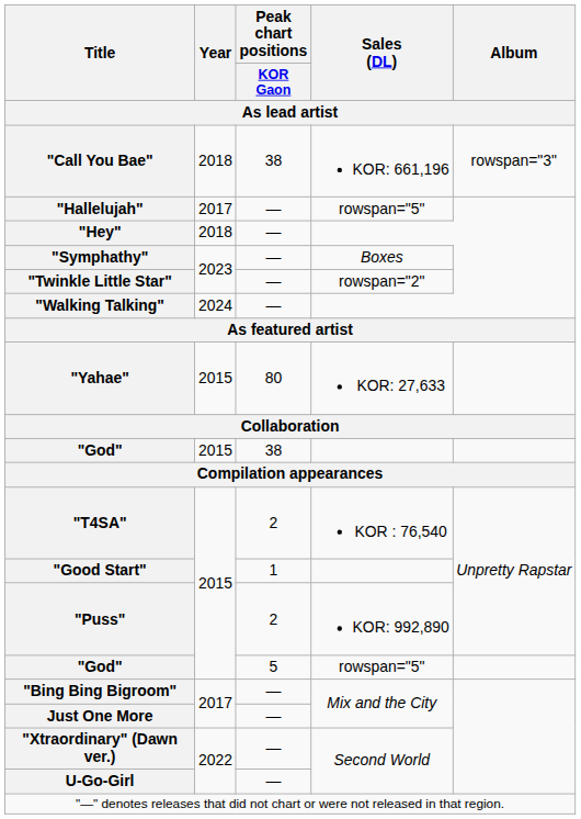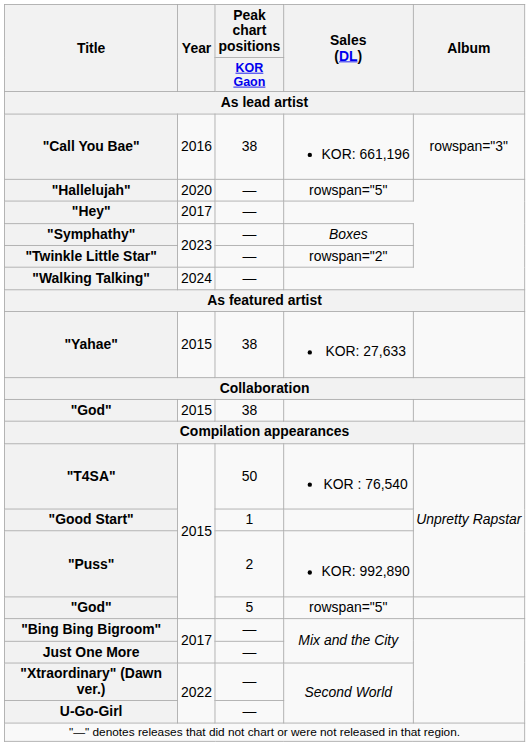 <table class="wikitable plainrowheaders" style="text-align:center">
 <tr>
 <th scope="col" rowspan="2" style="width:12em">Title</th>
 <th scope="col" rowspan="2">Year</th>
 <th scope="col">Peak chart<br>positions</th>
 <th scope="col" rowspan="2">Sales<br>(<a href='#'>DL</a>)</th>
 <th scope="col" rowspan="2">Album</th>
 </tr>
 <tr>
 <th scope="col" style="font-size:90%; width:2.5em"><a href='#'>KOR<br>Gaon</a><br></th>
 </tr>
 <tr>
 <th scope="col" colspan="5">As lead artist</th>
 </tr>
 <tr>
 <th scope="row">"Call You Bae" <br></th>
-<td>2018</td>
+<td>2016</td>
 <td>38</td>
 <td><br><ul><li>KOR: 661,196</li></ul></td>
 <td>rowspan="3" </td>
 </tr>
 <tr>
 <th scope="row">"Hallelujah"</th>
-<td>2017</td>
+<td>2020</td>
 <td>—</td>
 <td>rowspan="5" </td>
 </tr>
 <tr>
 <th scope="row">"Hey"</th>
-<td>2018</td>
+<td>2017</td>
 <td>—</td>
 </tr>
 <tr>
 <th scope="row">"Symphathy"</th>
 <td rowspan="2">2023</td>
 <td>—</td>
 <td><em>Boxes</em></td>
 </tr>
 <tr>
 <th scope="row">"Twinkle Little Star"</th>
 <td>—</td>
 <td>rowspan="2" </td>
 </tr>
 <tr>
 <th scope="row">"Walking Talking"</th>
 <td>2024</td>
 <td>—</td>
 </tr>
 <tr>
 <th scope="col" colspan="5">As featured artist</th>
 </tr>
 <tr>
 <th scope="row">"Yahae"<br></th>
 <td>2015</td>
-<td>80</td>
+<td>38</td>
 <td><br><ul><li>KOR: 27,633</li></ul></td>
 <td></td>
 </tr>
 <tr>
 <th scope="col" colspan="5">Collaboration</th>
 </tr>
 <tr>
 <th scope="row">"God" <br></th>
 <td>2015</td>
 <td>38</td>
 <td></td>
 <td></td>
 </tr>
 <tr>
 <th scope="col" colspan="5">Compilation appearances</th>
 </tr>
 <tr>
 <th scope="row">"T4SA" <br></th>
 <td rowspan="4">2015</td>
-<td>2</td>
+<td>50</td>
 <td><br><ul><li>KOR : 76,540</li></ul></td>
 <td rowspan="3"><em>Unpretty Rapstar</em></td>
 </tr>
 <tr>
 <th scope="row">"Good Start" <br></th>
 <td>1</td>
 <td></td>
 </tr>
 <tr>
 <th scope="row">"Puss" <br></th>
 <td>2</td>
 <td><br><ul><li>KOR: 992,890</li></ul></td>
 </tr>
 <tr>
 <th scope="row">"God" <br></th>
 <td>5</td>
 <td>rowspan="5" </td>
 <td></td>
 </tr>
 <tr>
 <th scope="row">"Bing Bing Bigroom"</th>
 <td rowspan="2">2017</td>
 <td>—</td>
 <td rowspan="2"><em>Mix and the City</em></td>
 </tr>
 <tr>
 <th scope="row">Just One More</th>
 <td>—</td>
 </tr>
 <tr>
 <th scope="row">"Xtraordinary" (Dawn ver.)</th>
 <td rowspan="2">2022</td>
 <td>—</td>
 <td rowspan="2"><em>Second World</em></td>
 </tr>
 <tr>
 <th scope="row">U-Go-Girl</th>
 <td>—</td>
 </tr>
 <tr>
 <td colspan="7" style="font-size:85%">"—" denotes releases that did not chart or were not released in that region.</td>
 </tr>
 </table>
